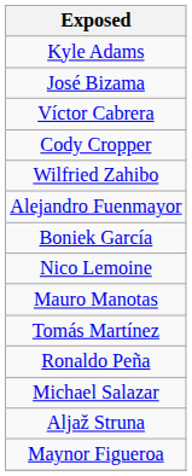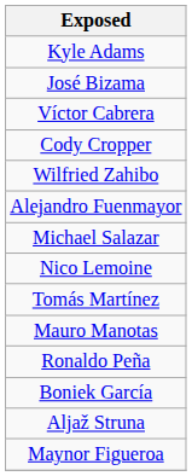 <table class="wikitable" style="text-align:center">
 <tr>
 <th>Exposed</th>
 </tr>
 <tr>
 <td><a href='#'>Kyle Adams</a></td>
 </tr>
 <tr>
 <td><a href='#'>José Bizama</a></td>
 </tr>
 <tr>
 <td><a href='#'>Víctor Cabrera</a></td>
 </tr>
 <tr>
 <td><a href='#'>Cody Cropper</a></td>
 </tr>
 <tr>
 <td><a href='#'>Wilfried Zahibo</a></td>
 </tr>
 <tr>
 <td><a href='#'>Alejandro Fuenmayor</a></td>
 </tr>
 <tr>
-<td><a href='#'>Boniek García</a></td>
+<td><a href='#'>Michael Salazar</a></td>
 </tr>
 <tr>
 <td><a href='#'>Nico Lemoine</a></td>
 </tr>
 <tr>
-<td><a href='#'>Mauro Manotas</a></td>
+<td><a href='#'>Tomás Martínez</a></td>
 </tr>
 <tr>
-<td><a href='#'>Tomás Martínez</a></td>
+<td><a href='#'>Mauro Manotas</a></td>
 </tr>
 <tr>
 <td><a href='#'>Ronaldo Peña</a></td>
 </tr>
 <tr>
-<td><a href='#'>Michael Salazar</a></td>
+<td><a href='#'>Boniek García</a></td>
 </tr>
 <tr>
 <td><a href='#'>Aljaž Struna</a></td>
 </tr>
 <tr>
 <td><a href='#'>Maynor Figueroa</a></td>
 </tr>
 <tr>
 </tr>
 </table>
